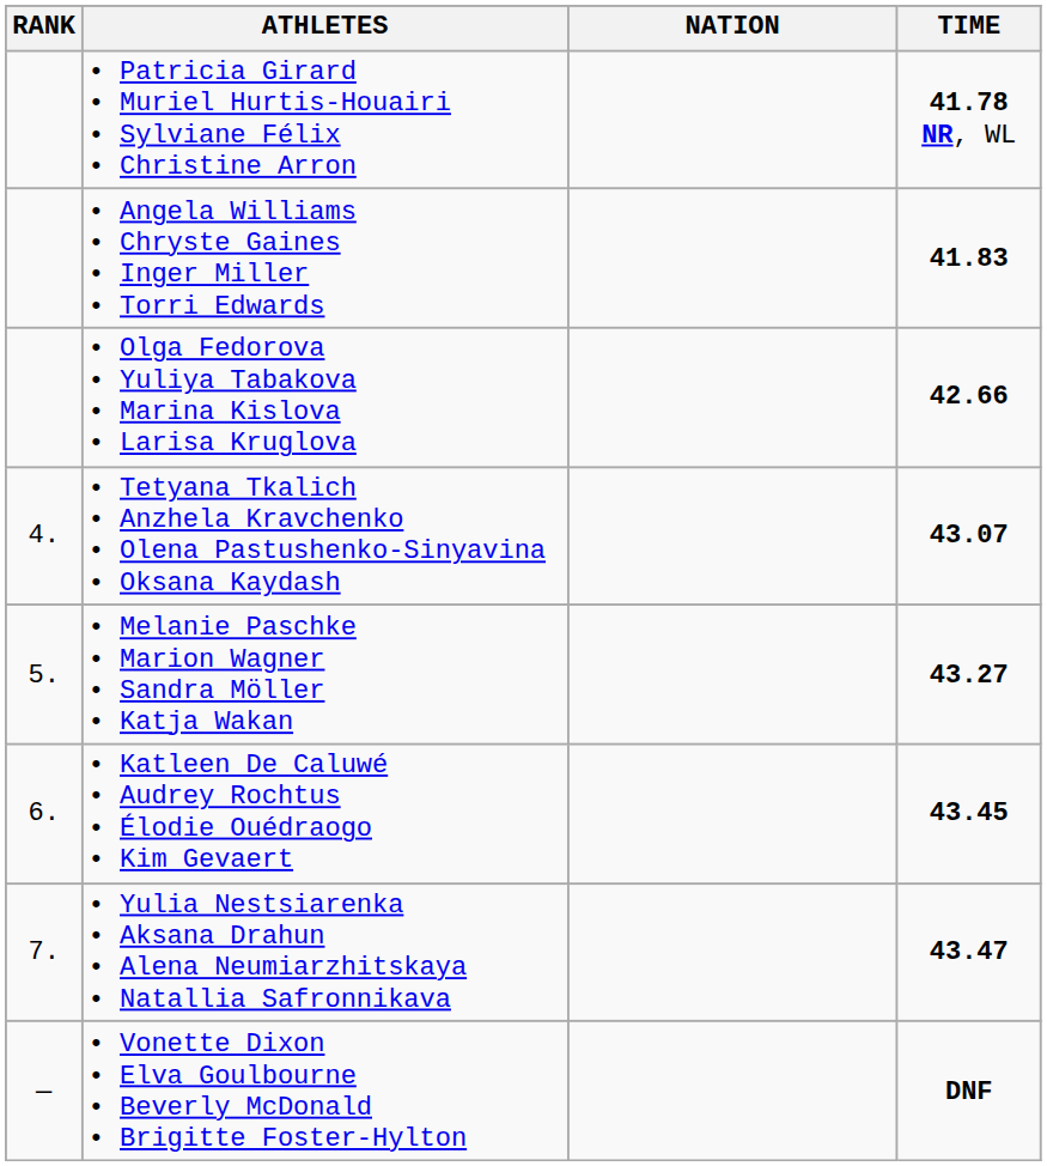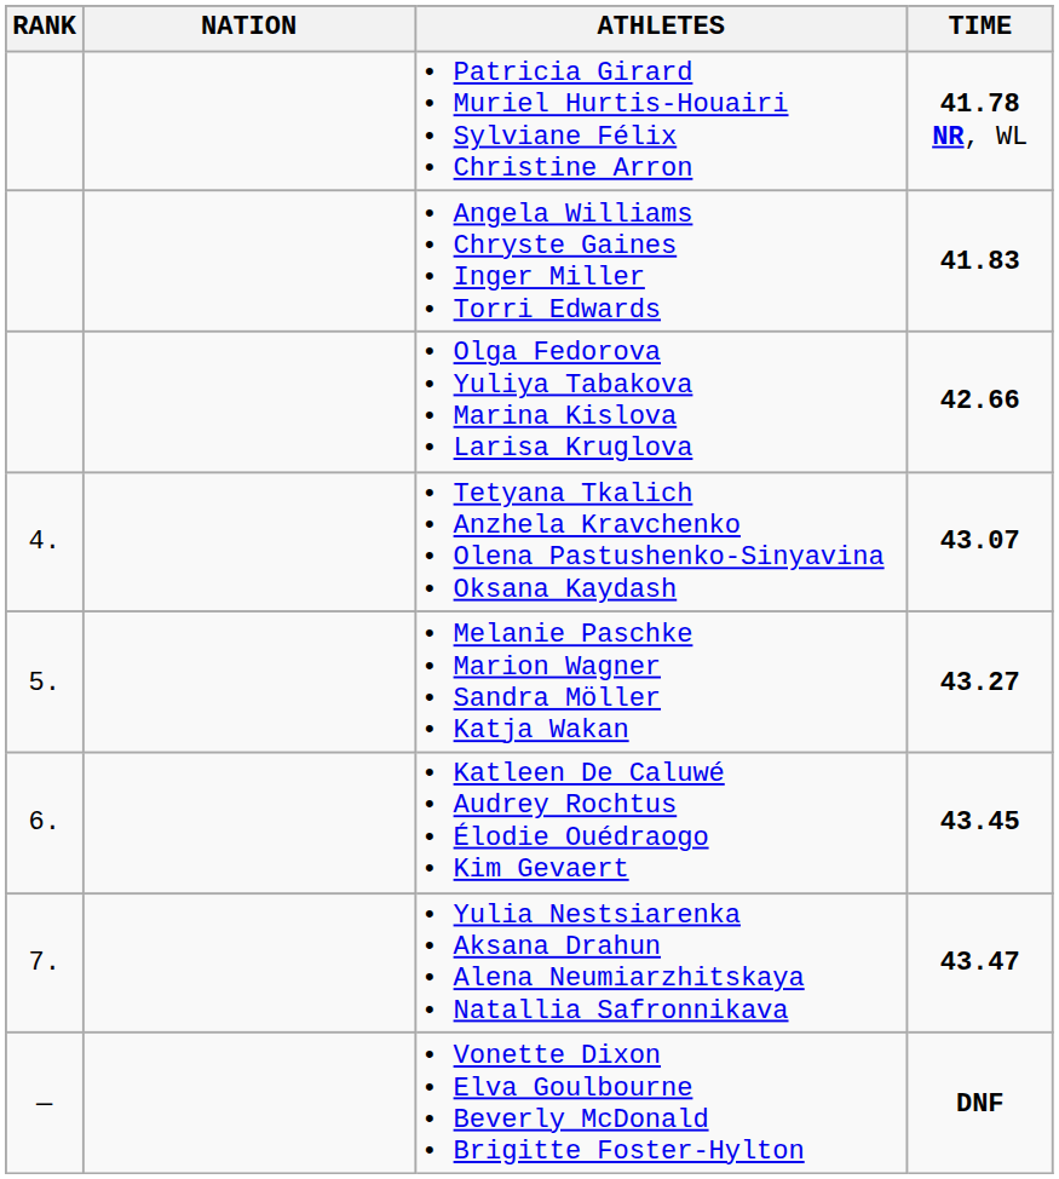 <table class="wikitable" style="border-collapse: collapse; font-size: 90%;">
 <tr>
 <th>RANK</th>
+<th style="width: 12em">NATION</th>
 <th style="width: 18em">ATHLETES</th>
-<th style="width: 12em">NATION</th>
 <th style="width: 5em">TIME</th>
 </tr>
 <tr>
 <td align="center"></td>
+<td align="center"></td>
 <td>• <a href='#'>Patricia Girard</a><br>• <a href='#'>Muriel Hurtis-Houairi</a><br>• <a href='#'>Sylviane Félix</a><br>• <a href='#'>Christine Arron</a></td>
-<td align="center"></td>
 <td align="center"><strong>41.78</strong><br><strong><a href='#'>NR</a></strong>, WL</td>
 </tr>
 <tr>
 <td align="center"></td>
+<td align="center"></td>
 <td>• <a href='#'>Angela Williams</a><br>• <a href='#'>Chryste Gaines</a><br>• <a href='#'>Inger Miller</a><br>• <a href='#'>Torri Edwards</a></td>
-<td align="center"></td>
 <td align="center"><strong>41.83</strong></td>
 </tr>
 <tr>
 <td align="center"></td>
+<td align="center"></td>
 <td>• <a href='#'>Olga Fedorova</a><br>• <a href='#'>Yuliya Tabakova</a><br>• <a href='#'>Marina Kislova</a><br>• <a href='#'>Larisa Kruglova</a></td>
-<td align="center"></td>
 <td align="center"><strong>42.66</strong></td>
 </tr>
 <tr>
 <td align="center">4.</td>
+<td align="center"></td>
 <td>• <a href='#'>Tetyana Tkalich</a><br>• <a href='#'>Anzhela Kravchenko</a><br>• <a href='#'>Olena Pastushenko-Sinyavina</a><br>• <a href='#'>Oksana Kaydash</a></td>
-<td align="center"></td>
 <td align="center"><strong>43.07</strong></td>
 </tr>
 <tr>
 <td align="center">5.</td>
+<td align="center"></td>
 <td>• <a href='#'>Melanie Paschke</a><br>• <a href='#'>Marion Wagner</a><br>• <a href='#'>Sandra Möller</a><br>• <a href='#'>Katja Wakan</a></td>
-<td align="center"></td>
 <td align="center"><strong>43.27</strong></td>
 </tr>
 <tr>
 <td align="center">6.</td>
+<td align="center"></td>
 <td>• <a href='#'>Katleen De Caluwé</a><br>• <a href='#'>Audrey Rochtus</a><br>• <a href='#'>Élodie Ouédraogo</a><br>• <a href='#'>Kim Gevaert</a></td>
-<td align="center"></td>
 <td align="center"><strong>43.45</strong></td>
 </tr>
 <tr>
 <td align="center">7.</td>
+<td align="center"></td>
 <td>• <a href='#'>Yulia Nestsiarenka</a><br>• <a href='#'>Aksana Drahun</a><br>• <a href='#'>Alena Neumiarzhitskaya</a><br>• <a href='#'>Natallia Safronnikava</a></td>
-<td align="center"></td>
 <td align="center"><strong>43.47</strong></td>
 </tr>
 <tr>
 <td align="center">—</td>
+<td align="center"></td>
 <td>• <a href='#'>Vonette Dixon</a><br>• <a href='#'>Elva Goulbourne</a><br>• <a href='#'>Beverly McDonald</a><br>• <a href='#'>Brigitte Foster-Hylton</a></td>
-<td align="center"></td>
 <td align="center"><strong>DNF</strong></td>
 </tr>
 </table>
